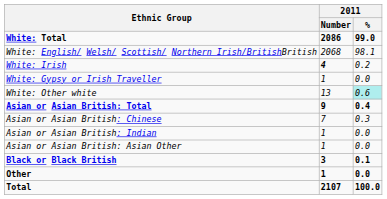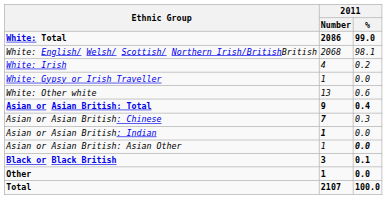 <table class="wikitable">
 <tr>
 <th rowspan="2">Ethnic Group</th>
 <th colspan="2">2011</th>
 </tr>
 <tr>
 <th>Number</th>
 <th><strong>%</strong></th>
 </tr>
 <tr>
 <td><strong><a href='#'>White:</a> Total</strong></td>
 <td><strong>2086</strong></td>
 <td><strong>99.0</strong></td>
 </tr>
 <tr>
 <td><em>White: <a href='#'>English/</a> <a href='#'>Welsh/</a> <a href='#'>Scottish/</a> <a href='#'>Northern Irish/British</a>British</em></td>
 <td><em>2068</em></td>
 <td><em>98.1</em></td>
 </tr>
 <tr>
 <td><em><a href='#'>White: Irish</a></em></td>
-<td><strong><em>4</em></strong></td>
+<td><em>4</em></td>
 <td><em>0.2</em></td>
 </tr>
 <tr>
 <td><a href='#'><em>White: Gypsy or Irish Traveller</em></a></td>
 <td><em>1</em></td>
 <td><em>0.0</em></td>
 </tr>
 <tr>
 <td><em>White: Other white</em></td>
 <td><em>13</em></td>
-<td style="background: paleturquoise;"><em>0.6</em></td>
+<td><em>0.6</em></td>
 </tr>
 <tr>
 <td><strong><a href='#'>Asian or</a> <a href='#'>Asian British: Total</a></strong></td>
 <td><strong>9</strong></td>
 <td><strong>0.4</strong></td>
 </tr>
 <tr>
 <td><em>Asian or Asian British<a href='#'>: Chinese</a></em></td>
-<td><em>7</em></td>
+<td><strong><em>7</em></strong></td>
 <td><em>0.3</em></td>
 </tr>
 <tr>
 <td><em>Asian or Asian British<a href='#'>: Indian</a></em></td>
-<td><em>1</em></td>
+<td><strong><em>1</em></strong></td>
 <td><em>0.0</em></td>
 </tr>
 <tr>
 <td><em>Asian or Asian British: Asian Other</em></td>
 <td><em>1</em></td>
-<td><em>0.0</em></td>
+<td><strong><em>0.0</em></strong></td>
 </tr>
 <tr>
 <td><strong><a href='#'>Black or</a> <a href='#'>Black British</a></strong></td>
 <td><strong>3</strong></td>
 <td><strong>0.1</strong></td>
 </tr>
 <tr>
 <td><strong>Other</strong></td>
 <td><strong>1</strong></td>
 <td><strong>0.0</strong></td>
 </tr>
 <tr>
 <td><strong>Total</strong></td>
 <td><strong>2107</strong></td>
 <td><strong>100.0</strong></td>
 </tr>
 </table>
